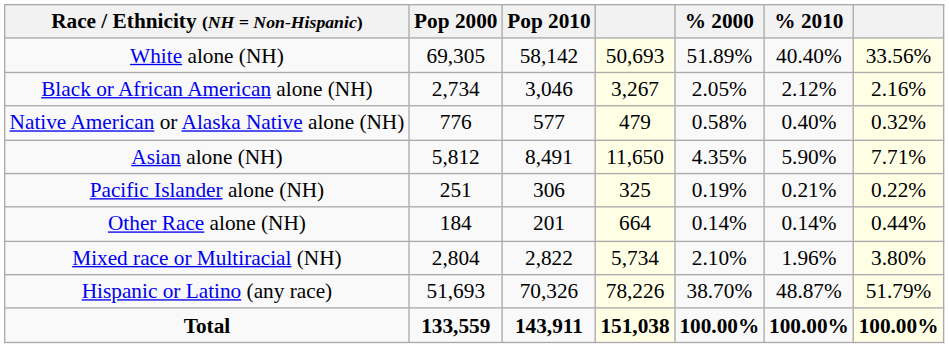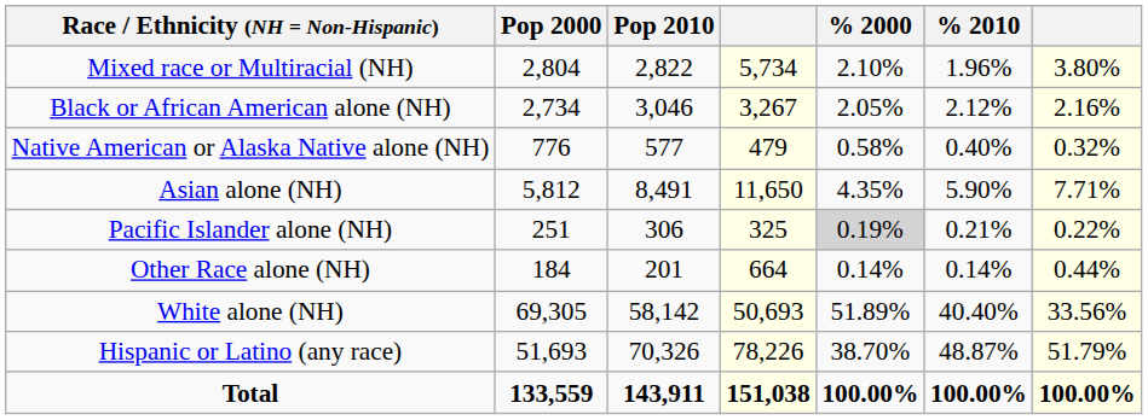 <table class="wikitable" style="text-align:center;">
 <tr>
 <th>Race / Ethnicity <small>(<em>NH = Non-Hispanic</em>)</small></th>
 <th>Pop 2000</th>
 <th>Pop 2010</th>
 <th></th>
 <th>% 2000</th>
 <th>% 2010</th>
 <th></th>
 </tr>
 <tr>
-<td><a href='#'>White</a> alone (NH)</td>
-<td>69,305</td>
-<td>58,142</td>
-<td style='background: #ffffe6;'>50,693</td>
-<td>51.89%</td>
-<td>40.40%</td>
-<td style='background: #ffffe6;'>33.56%</td>
+<td><a href='#'>Mixed race or Multiracial</a> (NH)</td>
+<td>2,804</td>
+<td>2,822</td>
+<td style='background: #ffffe6;'>5,734</td>
+<td>2.10%</td>
+<td>1.96%</td>
+<td style='background: #ffffe6;'>3.80%</td>
 </tr>
 <tr>
 <td><a href='#'>Black or African American</a> alone (NH)</td>
 <td>2,734</td>
 <td>3,046</td>
 <td style='background: #ffffe6;'>3,267</td>
 <td>2.05%</td>
 <td>2.12%</td>
 <td style='background: #ffffe6;'>2.16%</td>
 </tr>
 <tr>
 <td><a href='#'>Native American</a> or <a href='#'>Alaska Native</a> alone (NH)</td>
 <td>776</td>
 <td>577</td>
 <td style='background: #ffffe6;'>479</td>
 <td>0.58%</td>
 <td>0.40%</td>
 <td style='background: #ffffe6;'>0.32%</td>
 </tr>
 <tr>
 <td><a href='#'>Asian</a> alone (NH)</td>
 <td>5,812</td>
 <td>8,491</td>
 <td style='background: #ffffe6;'>11,650</td>
 <td>4.35%</td>
 <td>5.90%</td>
 <td style='background: #ffffe6;'>7.71%</td>
 </tr>
 <tr>
 <td><a href='#'>Pacific Islander</a> alone (NH)</td>
 <td>251</td>
 <td>306</td>
 <td style='background: #ffffe6;'>325</td>
-<td>0.19%</td>
+<td style="background: lightgrey;">0.19%</td>
 <td>0.21%</td>
 <td style='background: #ffffe6;'>0.22%</td>
 </tr>
 <tr>
 <td><a href='#'>Other Race</a> alone (NH)</td>
 <td>184</td>
 <td>201</td>
 <td style='background: #ffffe6;'>664</td>
 <td>0.14%</td>
 <td>0.14%</td>
 <td style='background: #ffffe6;'>0.44%</td>
 </tr>
 <tr>
-<td><a href='#'>Mixed race or Multiracial</a> (NH)</td>
-<td>2,804</td>
-<td>2,822</td>
-<td style='background: #ffffe6;'>5,734</td>
-<td>2.10%</td>
-<td>1.96%</td>
-<td style='background: #ffffe6;'>3.80%</td>
+<td><a href='#'>White</a> alone (NH)</td>
+<td>69,305</td>
+<td>58,142</td>
+<td style='background: #ffffe6;'>50,693</td>
+<td>51.89%</td>
+<td>40.40%</td>
+<td style='background: #ffffe6;'>33.56%</td>
 </tr>
 <tr>
 <td><a href='#'>Hispanic or Latino</a> (any race)</td>
 <td>51,693</td>
 <td>70,326</td>
 <td style='background: #ffffe6;'>78,226</td>
 <td>38.70%</td>
 <td>48.87%</td>
 <td style='background: #ffffe6;'>51.79%</td>
 </tr>
 <tr>
 <td><strong>Total</strong></td>
 <td><strong>133,559</strong></td>
 <td><strong>143,911</strong></td>
 <td style='background: #ffffe6;'><strong>151,038</strong></td>
 <td><strong>100.00%</strong></td>
 <td><strong>100.00%</strong></td>
 <td style='background: #ffffe6;'><strong>100.00%</strong></td>
 </tr>
 </table>
